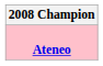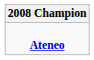 <table class=wikitable style="text-align:center; margin:auto">
 <tr>
 <th>2008 Champion</th>
 </tr>
 <tr>
-<td style="background: pink;"><br> <strong><a href='#'>Ateneo</a></strong><br></td>
+<td><br> <strong><a href='#'>Ateneo</a></strong><br></td>
 </tr>
 </table>
